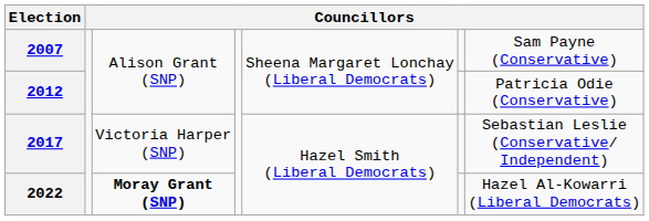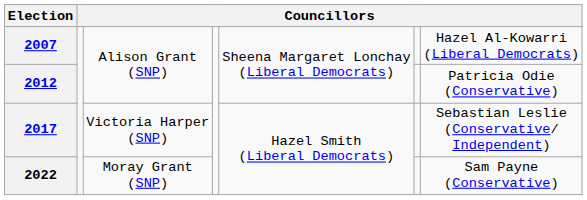 <table class="wikitable" style="text-align:center">
 <tr>
 <th>Election</th>
 <th colspan=8>Councillors</th>
 </tr>
 <tr>
 <th><a href='#'>2007</a></th>
 <td rowspan=4; style="background-color: "></td>
 <td rowspan=2>Alison Grant<br>(<a href='#'>SNP</a>)</td>
 <td rowspan=4; style="background-color: "></td>
 <td rowspan=2>Sheena Margaret Lonchay<br>(<a href='#'>Liberal Democrats</a>)</td>
 <td rowspan=1; style="background-color: "></td>
-<td rowspan=1>Sam Payne<br>(<a href='#'>Conservative</a>)</td>
+<td>Hazel Al-Kowarri<br>(<a href='#'>Liberal Democrats</a>)</td>
 </tr>
 <tr>
 <th><a href='#'>2012</a></th>
 <td rowspan=1; style="background-color: "></td>
 <td>Patricia Odie<br>(<a href='#'>Conservative</a>)</td>
 </tr>
 <tr>
 <th><a href='#'>2017</a></th>
 <td rowspan=1>Victoria Harper<br>(<a href='#'>SNP</a>)</td>
 <td rowspan=2>Hazel Smith<br>(<a href='#'>Liberal Democrats</a>)</td>
 <td rowspan=1; style="background-color: "></td>
 <td rowspan=1>Sebastian Leslie<br>(<a href='#'>Conservative</a>/<br><a href='#'>Independent</a>)</td>
 </tr>
 <tr>
 <th>2022</th>
-<td rowspan=1><strong>Moray Grant <br>(<a href='#'>SNP</a>)</strong></td>
+<td rowspan=1>Moray Grant <br>(<a href='#'>SNP</a>)</td>
 <td rowspan=1; style="background-color: "></td>
-<td>Hazel Al-Kowarri<br>(<a href='#'>Liberal Democrats</a>)</td>
+<td rowspan=1>Sam Payne<br>(<a href='#'>Conservative</a>)</td>
 </tr>
 </table>
